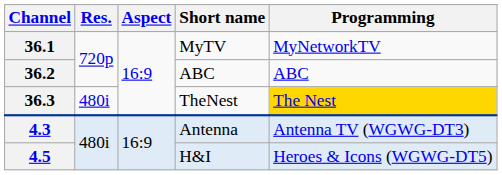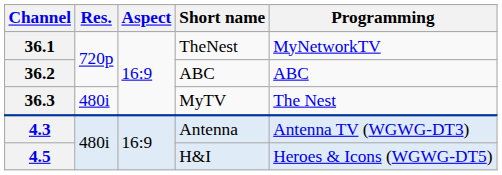 <table class="wikitable">
 <tr>
 <th scope = "col"><a href='#'>Channel</a></th>
 <th scope = "col"><a href='#'>Res.</a></th>
 <th scope = "col"><a href='#'>Aspect</a></th>
 <th scope = "col">Short name</th>
 <th scope = "col">Programming</th>
 </tr>
 <tr>
 <th scope = "row">36.1</th>
 <td rowspan=2><a href='#'>720p</a></td>
 <td rowspan=3><a href='#'>16:9</a></td>
-<td>MyTV</td>
+<td>TheNest</td>
 <td><a href='#'>MyNetworkTV</a></td>
 </tr>
 <tr>
 <th scope = "row">36.2</th>
 <td>ABC</td>
 <td><a href='#'>ABC</a></td>
 </tr>
 <tr>
 <th scope = "row">36.3</th>
 <td><a href='#'>480i</a></td>
-<td>TheNest</td>
-<td style="background: gold;"><a href='#'>The Nest</a></td>
+<td>MyTV</td>
+<td><a href='#'>The Nest</a></td>
 </tr>
 <tr style="background-color:#DFEBF6; border-top: 2px solid #003399;">
 <th scope="row"><a href='#'>4.3</a></th>
 <td rowspan=2>480i</td>
 <td rowspan=2>16:9</td>
 <td>Antenna</td>
 <td><a href='#'>Antenna TV</a> (<a href='#'>WGWG-DT3</a>)</td>
 </tr>
 <tr style="background-color:#DFEBF6;">
 <th scope="row"><a href='#'>4.5</a></th>
 <td>H&I</td>
 <td><a href='#'>Heroes & Icons</a> (<a href='#'>WGWG-DT5</a>)</td>
 </tr>
 </table>
